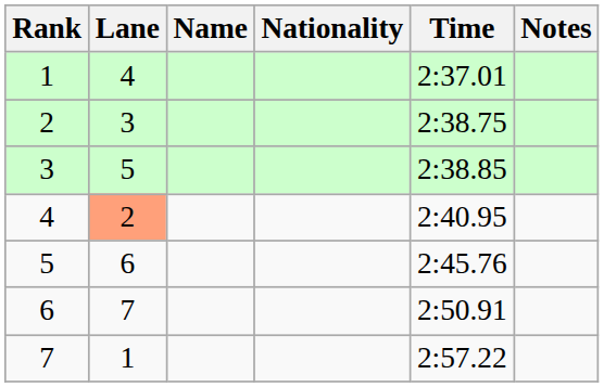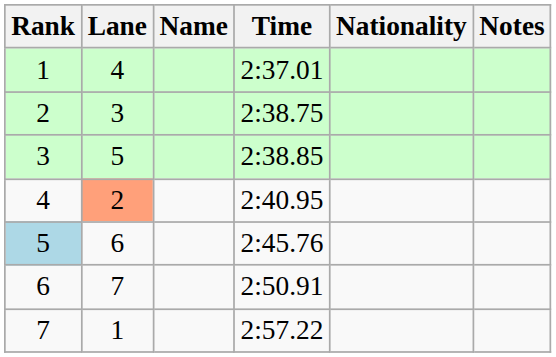 <table class="wikitable sortable" style="text-align:center">
 <tr>
 <th>Rank</th>
 <th>Lane</th>
 <th>Name</th>
+<th>Time</th>
 <th>Nationality</th>
-<th>Time</th>
 <th>Notes</th>
 </tr>
 <tr bgcolor=ccffcc>
 <td>1</td>
 <td>4</td>
 <td align=left></td>
+<td>2:37.01</td>
 <td align=left></td>
-<td>2:37.01</td>
 <td><strong></strong></td>
 </tr>
 <tr bgcolor=ccffcc>
 <td>2</td>
 <td>3</td>
 <td align=left></td>
+<td>2:38.75</td>
 <td align=left></td>
-<td>2:38.75</td>
 <td><strong></strong></td>
 </tr>
 <tr bgcolor=ccffcc>
 <td>3</td>
 <td>5</td>
 <td align=left></td>
+<td>2:38.85</td>
 <td align=left></td>
-<td>2:38.85</td>
 <td><strong></strong></td>
 </tr>
 <tr>
 <td>4</td>
 <td style="background: lightsalmon;">2</td>
 <td align=left></td>
+<td>2:40.95</td>
 <td align=left></td>
-<td>2:40.95</td>
 <td></td>
 </tr>
 <tr>
-<td>5</td>
+<td style="background: lightblue;">5</td>
 <td>6</td>
 <td align=left></td>
+<td>2:45.76</td>
 <td align=left></td>
-<td>2:45.76</td>
 <td></td>
 </tr>
 <tr>
 <td>6</td>
 <td>7</td>
 <td align=left></td>
+<td>2:50.91</td>
 <td align=left></td>
-<td>2:50.91</td>
 <td></td>
 </tr>
 <tr>
 <td>7</td>
 <td>1</td>
 <td align=left></td>
+<td>2:57.22</td>
 <td align=left></td>
-<td>2:57.22</td>
 <td></td>
 </tr>
 </table>
